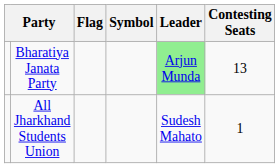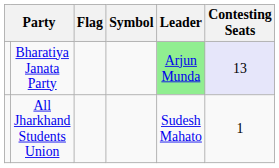 <table class="wikitable " width="50%" style="text-align:center">
 <tr>
 <th colspan="2">Party</th>
 <th>Flag</th>
 <th>Symbol</th>
 <th>Leader</th>
 <th>Contesting Seats</th>
 </tr>
 <tr>
 <td></td>
 <td><a href='#'>Bharatiya Janata Party</a></td>
 <td></td>
 <td></td>
 <td style="background: lightgreen;"><a href='#'>Arjun Munda</a></td>
-<td>13</td>
+<td style="background: lavender;">13</td>
 </tr>
 <tr>
 <td></td>
 <td><a href='#'>All Jharkhand Students Union</a></td>
 <td></td>
 <td></td>
 <td><a href='#'>Sudesh Mahato</a></td>
 <td>1</td>
 </tr>
 </table>
